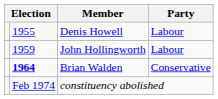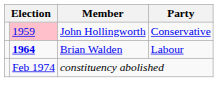 <table class="wikitable">
 <tr>
 <th colspan="2">Election</th>
 <th>Member</th>
 <th>Party</th>
 </tr>
 <tr>
 <td style="color:inherit;background-color: "></td>
-<td><a href='#'>1955</a></td>
-<td><a href='#'>Denis Howell</a></td>
-<td><a href='#'>Labour</a></td>
-</tr>
-<tr>
-<td style="color:inherit;background-color: "></td>
-<td><a href='#'>1959</a></td>
+<td style="background: pink;"><a href='#'>1959</a></td>
 <td><a href='#'>John Hollingworth</a></td>
-<td><a href='#'>Labour</a></td>
+<td><a href='#'>Conservative</a></td>
 </tr>
 <tr>
 <td style="color:inherit;background-color: "></td>
 <td><strong><a href='#'>1964</a></strong></td>
 <td><a href='#'>Brian Walden</a></td>
-<td><a href='#'>Conservative</a></td>
+<td><a href='#'>Labour</a></td>
 </tr>
 <tr>
 <td></td>
 <td><a href='#'>Feb 1974</a></td>
 <td colspan="2"><em>constituency abolished</em></td>
 </tr>
 </table>
